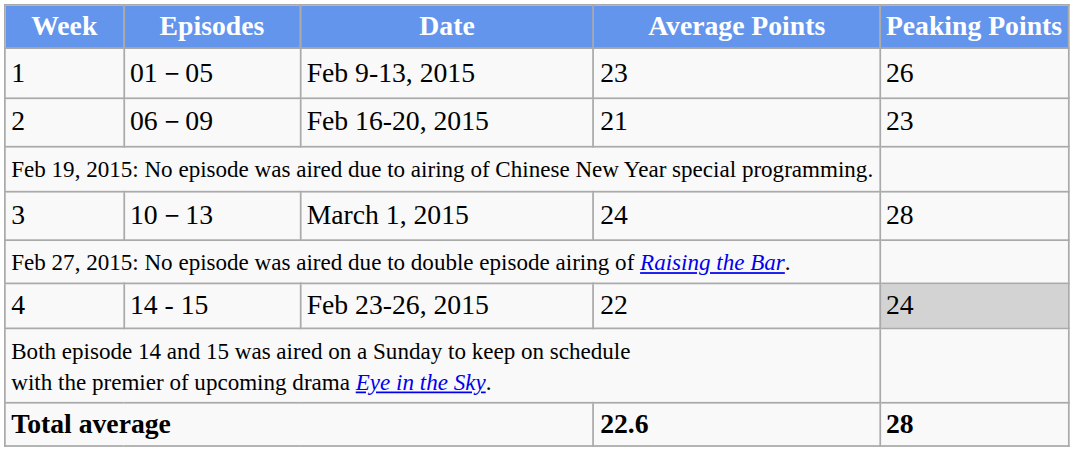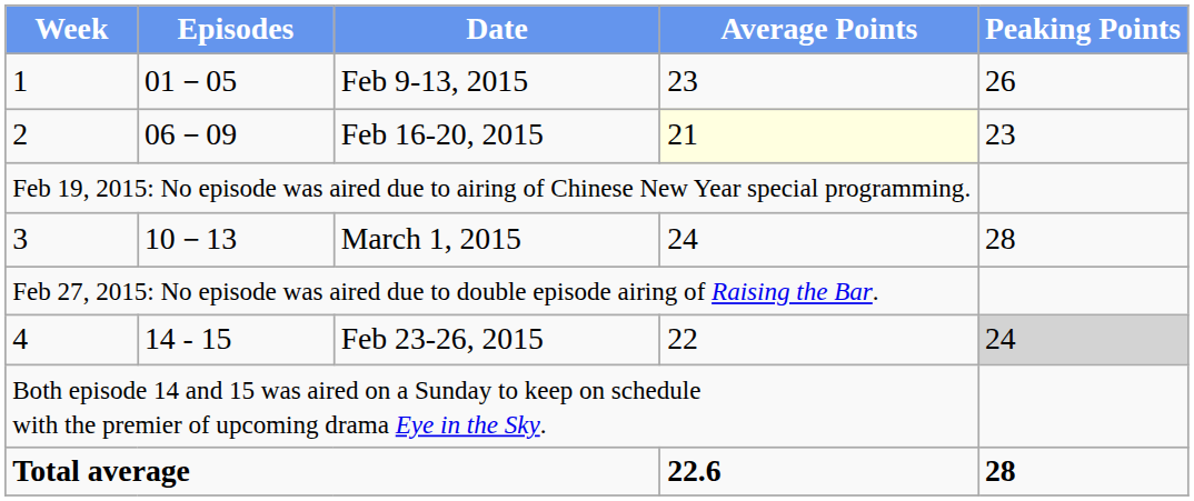 <table class="wikitable">
 <tr style="background:cornflowerblue; color:white" align="center">
 <td><strong>Week</strong></td>
 <td><strong>Episodes</strong></td>
 <td><strong>Date</strong></td>
 <td><strong>Average Points</strong></td>
 <td><strong>Peaking Points</strong></td>
 </tr>
 <tr>
 <td>1</td>
 <td>01－05</td>
 <td>Feb 9-13, 2015</td>
 <td>23</td>
 <td>26</td>
 </tr>
 <tr>
 <td align= rowspan=2>2</td>
 <td>06－09</td>
 <td>Feb 16-20, 2015</td>
-<td>21</td>
+<td style="background: lightyellow;">21</td>
 <td>23</td>
 </tr>
 <tr>
 <td colspan="4"><small>Feb 19, 2015: No episode was aired due to airing of Chinese New Year special programming.</small></td>
 </tr>
 <tr>
 <td align= rowspan=2>3</td>
 <td>10－13</td>
 <td>March 1, 2015</td>
 <td>24</td>
 <td>28</td>
 </tr>
 <tr>
 <td colspan="4"><small>Feb 27, 2015: No episode was aired due to double episode airing of <em><a href='#'>Raising the Bar</a></em>.</small></td>
 </tr>
 <tr>
 <td align= rowspan=2>4</td>
 <td>14 - 15</td>
 <td>Feb 23-26, 2015</td>
 <td>22</td>
 <td style="background: lightgrey;">24</td>
 </tr>
 <tr>
 <td colspan="4"><small>Both episode 14 and 15 was aired on a Sunday to keep on schedule<br>with the premier of upcoming drama <em><a href='#'>Eye in the Sky</a></em>.</small></td>
 </tr>
 <tr>
 <td colspan="3"><strong>Total average</strong></td>
 <td><strong>22.6</strong></td>
 <td><strong>28</strong></td>
 </tr>
 </table>
